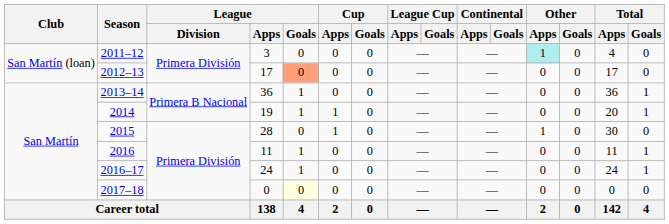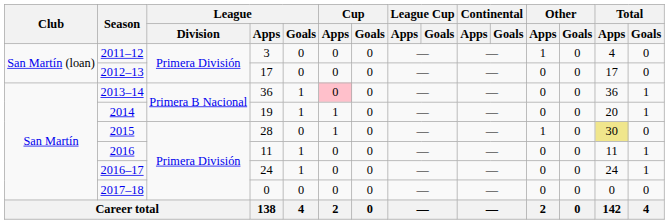 <table class="wikitable" style="text-align:center">
 <tr>
 <th rowspan="2">Club</th>
 <th rowspan="2">Season</th>
 <th colspan="3">League</th>
 <th colspan="2">Cup</th>
 <th colspan="2">League Cup</th>
 <th colspan="2">Continental</th>
 <th colspan="2">Other</th>
 <th colspan="2">Total</th>
 </tr>
 <tr>
 <th>Division</th>
 <th>Apps</th>
 <th>Goals</th>
 <th>Apps</th>
 <th>Goals</th>
 <th>Apps</th>
 <th>Goals</th>
 <th>Apps</th>
 <th>Goals</th>
 <th>Apps</th>
 <th>Goals</th>
 <th>Apps</th>
 <th>Goals</th>
 </tr>
 <tr>
 <td rowspan="2"><a href='#'>San Martín</a> (loan)</td>
 <td><a href='#'>2011–12</a></td>
 <td rowspan="2"><a href='#'>Primera División</a></td>
 <td>3</td>
 <td>0</td>
 <td>0</td>
 <td>0</td>
 <td colspan="2">—</td>
 <td colspan="2">—</td>
-<td style="background: paleturquoise;">1</td>
+<td>1</td>
 <td>0</td>
 <td>4</td>
 <td>0</td>
 </tr>
 <tr>
 <td><a href='#'>2012–13</a></td>
 <td>17</td>
-<td style="background: lightsalmon;">0</td>
+<td>0</td>
 <td>0</td>
 <td>0</td>
 <td colspan="2">—</td>
 <td colspan="2">—</td>
 <td>0</td>
 <td>0</td>
 <td>17</td>
 <td>0</td>
 </tr>
 <tr>
 <td rowspan="6"><a href='#'>San Martín</a></td>
 <td><a href='#'>2013–14</a></td>
 <td rowspan="2"><a href='#'>Primera B Nacional</a></td>
 <td>36</td>
 <td>1</td>
-<td>0</td>
+<td style="background: pink;">0</td>
 <td>0</td>
 <td colspan="2">—</td>
 <td colspan="2">—</td>
 <td>0</td>
 <td>0</td>
 <td>36</td>
 <td>1</td>
 </tr>
 <tr>
 <td><a href='#'>2014</a></td>
 <td>19</td>
 <td>1</td>
 <td>1</td>
 <td>0</td>
 <td colspan="2">—</td>
 <td colspan="2">—</td>
 <td>0</td>
 <td>0</td>
 <td>20</td>
 <td>1</td>
 </tr>
 <tr>
 <td><a href='#'>2015</a></td>
 <td rowspan="4"><a href='#'>Primera División</a></td>
 <td>28</td>
 <td>0</td>
 <td>1</td>
 <td>0</td>
 <td colspan="2">—</td>
 <td colspan="2">—</td>
 <td>1</td>
 <td>0</td>
-<td>30</td>
+<td style="background: khaki;">30</td>
 <td>0</td>
 </tr>
 <tr>
 <td><a href='#'>2016</a></td>
 <td>11</td>
 <td>1</td>
 <td>0</td>
 <td>0</td>
 <td colspan="2">—</td>
 <td colspan="2">—</td>
 <td>0</td>
 <td>0</td>
 <td>11</td>
 <td>1</td>
 </tr>
 <tr>
 <td><a href='#'>2016–17</a></td>
 <td>24</td>
 <td>1</td>
 <td>0</td>
 <td>0</td>
 <td colspan="2">—</td>
 <td colspan="2">—</td>
 <td>0</td>
 <td>0</td>
 <td>24</td>
 <td>1</td>
 </tr>
 <tr>
 <td><a href='#'>2017–18</a></td>
 <td>0</td>
-<td style="background: lightyellow;">0</td>
+<td>0</td>
 <td>0</td>
 <td>0</td>
 <td colspan="2">—</td>
 <td colspan="2">—</td>
 <td>0</td>
 <td>0</td>
 <td>0</td>
 <td>0</td>
 </tr>
 <tr>
 <th colspan="3">Career total</th>
 <th>138</th>
 <th>4</th>
 <th>2</th>
 <th>0</th>
 <th colspan="2">—</th>
 <th colspan="2">—</th>
 <th>2</th>
 <th>0</th>
 <th>142</th>
 <th>4</th>
 </tr>
 </table>
